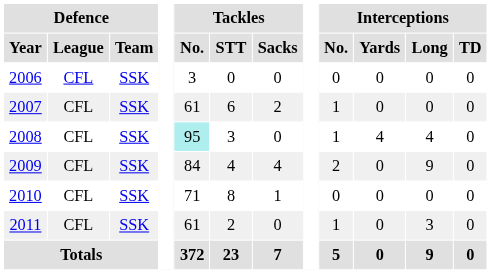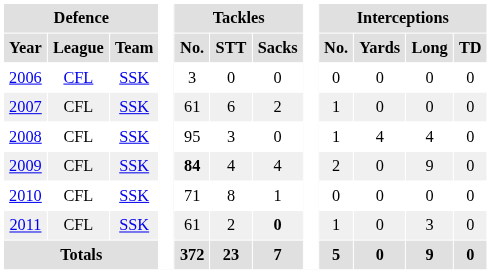 <table BORDER="0" CELLPADDING="5" CELLSPACING="1" style="text-align:center">
 <tr bgcolor="#e0e0e0">
 <th colspan="3">Defence</th>
 <th rowspan="99" bgcolor="#ffffff"> </th>
 <th colspan="3">Tackles</th>
 <th rowspan="99" bgcolor="#ffffff"> </th>
 <th colspan="4">Interceptions</th>
 </tr>
 <tr bgcolor="#e0e0e0">
 <th>Year</th>
 <th>League</th>
 <th>Team</th>
 <th>No.</th>
 <th>STT</th>
 <th>Sacks</th>
 <th>No.</th>
 <th>Yards</th>
 <th>Long</th>
 <th>TD</th>
 </tr>
 <tr ALIGN="center">
 <td><a href='#'>2006</a></td>
 <td><a href='#'>CFL</a></td>
 <td><a href='#'>SSK</a></td>
 <td>3</td>
 <td>0</td>
 <td>0</td>
 <td>0</td>
 <td>0</td>
 <td>0</td>
 <td>0</td>
 </tr>
 <tr ALIGN="center" bgcolor="#f0f0f0">
 <td><a href='#'>2007</a></td>
 <td>CFL</td>
 <td><a href='#'>SSK</a></td>
 <td>61</td>
 <td>6</td>
 <td>2</td>
 <td>1</td>
 <td>0</td>
 <td>0</td>
 <td>0</td>
 </tr>
 <tr ALIGN="center">
 <td><a href='#'>2008</a></td>
 <td>CFL</td>
 <td><a href='#'>SSK</a></td>
-<td style="background: paleturquoise;">95</td>
+<td>95</td>
 <td>3</td>
 <td>0</td>
 <td>1</td>
 <td>4</td>
 <td>4</td>
 <td>0</td>
 </tr>
 <tr ALIGN="center" bgcolor="#f0f0f0">
 <td><a href='#'>2009</a></td>
 <td>CFL</td>
 <td><a href='#'>SSK</a></td>
-<td>84</td>
+<td><strong>84</strong></td>
 <td>4</td>
 <td>4</td>
 <td>2</td>
 <td>0</td>
 <td>9</td>
 <td>0</td>
 </tr>
 <tr ALIGN="center">
 <td><a href='#'>2010</a></td>
 <td>CFL</td>
 <td><a href='#'>SSK</a></td>
 <td>71</td>
 <td>8</td>
 <td>1</td>
 <td>0</td>
 <td>0</td>
 <td>0</td>
 <td>0</td>
 </tr>
 <tr ALIGN="center" bgcolor="#f0f0f0">
 <td><a href='#'>2011</a></td>
 <td>CFL</td>
 <td><a href='#'>SSK</a></td>
 <td>61</td>
 <td>2</td>
-<td>0</td>
+<td><strong>0</strong></td>
 <td>1</td>
 <td>0</td>
 <td>3</td>
 <td>0</td>
 </tr>
 <tr bgcolor="#e0e0e0">
 <th colspan="3">Totals</th>
 <th>372</th>
 <th>23</th>
 <th>7</th>
 <th>5</th>
 <th>0</th>
 <th>9</th>
 <th>0</th>
 </tr>
 </table>
